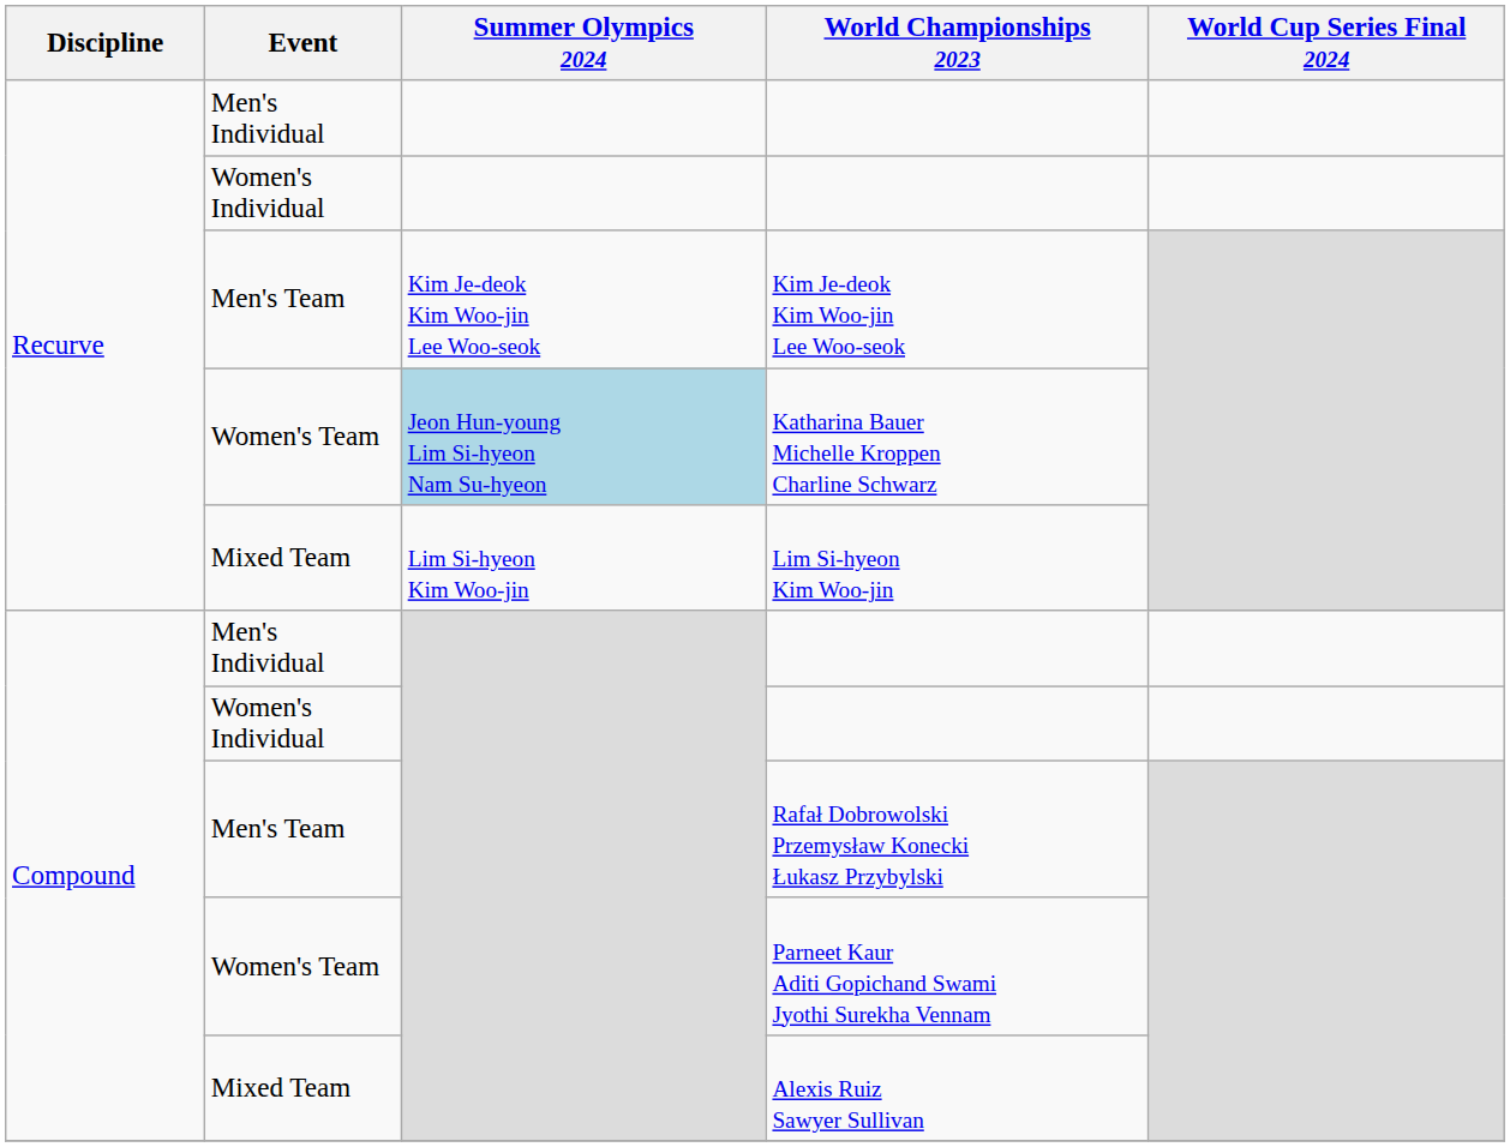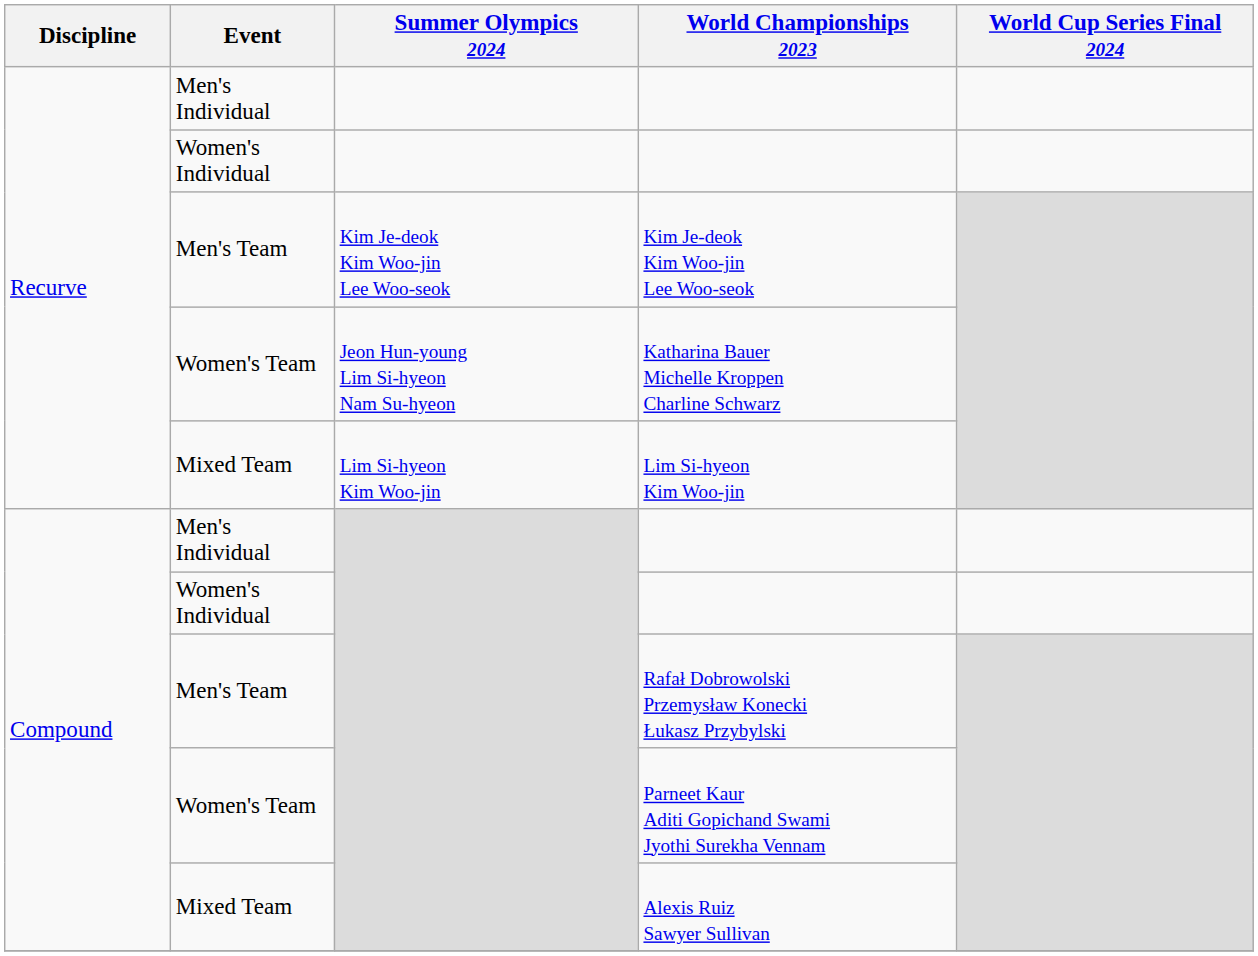 <table class="wikitable">
 <tr>
 <th style="width:120px;">Discipline</th>
 <th style="width:120px;">Event</th>
 <th style="width:250px;"><a href='#'>Summer Olympics</a><br><small><em><a href='#'>2024</a></em></small></th>
 <th style="width:250px;"><a href='#'>World Championships</a><br><small><em><a href='#'>2023</a></em></small></th>
 <th style="width:250px;"><a href='#'>World Cup Series Final</a><br><small><em><a href='#'>2024</a></em></small></th>
 </tr>
 <tr>
 <td rowspan=5><a href='#'>Recurve</a></td>
 <td>Men's Individual</td>
 <td></td>
 <td></td>
 <td></td>
 </tr>
 <tr>
 <td>Women's Individual</td>
 <td></td>
 <td></td>
 <td></td>
 </tr>
 <tr>
 <td>Men's Team</td>
 <td><br><small> <a href='#'>Kim Je-deok</a><br><a href='#'>Kim Woo-jin</a><br><a href='#'>Lee Woo-seok</a></small></td>
 <td><br><small> <a href='#'>Kim Je-deok</a><br><a href='#'>Kim Woo-jin</a><br><a href='#'>Lee Woo-seok</a></small></td>
 <td rowspan=3 style="background:#DCDCDC;"></td>
 </tr>
 <tr>
 <td>Women's Team</td>
-<td style="background: lightblue;"><br><small><a href='#'>Jeon Hun-young</a><br><a href='#'>Lim Si-hyeon</a><br><a href='#'>Nam Su-hyeon</a></small></td>
+<td><br><small><a href='#'>Jeon Hun-young</a><br><a href='#'>Lim Si-hyeon</a><br><a href='#'>Nam Su-hyeon</a></small></td>
 <td><br><small><a href='#'>Katharina Bauer</a><br><a href='#'>Michelle Kroppen</a><br><a href='#'>Charline Schwarz</a></small></td>
 </tr>
 <tr>
 <td>Mixed Team</td>
 <td><br><small><a href='#'>Lim Si-hyeon</a><br><a href='#'>Kim Woo-jin</a></small></td>
 <td><br><small><a href='#'>Lim Si-hyeon</a><br><a href='#'>Kim Woo-jin</a></small></td>
 </tr>
 <tr>
 <td rowspan=5><a href='#'>Compound</a></td>
 <td>Men's Individual</td>
 <td rowspan=5 style="background:#DCDCDC;"></td>
 <td></td>
 <td></td>
 </tr>
 <tr>
 <td>Women's Individual</td>
 <td></td>
 <td></td>
 </tr>
 <tr>
 <td>Men's Team</td>
 <td><br><small><a href='#'>Rafał Dobrowolski</a><br><a href='#'>Przemysław Konecki</a><br><a href='#'>Łukasz Przybylski</a></small></td>
 <td rowspan=3 style="background:#DCDCDC;"></td>
 </tr>
 <tr>
 <td>Women's Team</td>
 <td><br><small><a href='#'>Parneet Kaur</a><br><a href='#'>Aditi Gopichand Swami</a><br><a href='#'>Jyothi Surekha Vennam</a></small></td>
 </tr>
 <tr>
 <td>Mixed Team</td>
 <td><br><small><a href='#'>Alexis Ruiz</a><br><a href='#'>Sawyer Sullivan</a></small></td>
 </tr>
 <tr>
 </tr>
 </table>
